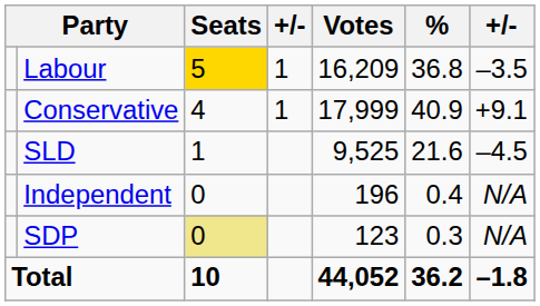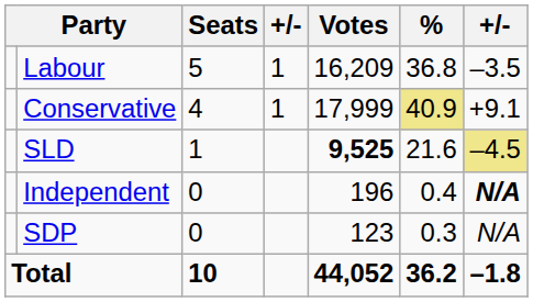 <table class="wikitable sortable">
 <tr>
 <th colspan="2">Party</th>
 <th>Seats</th>
 <th>+/-</th>
 <th>Votes</th>
 <th>%</th>
 <th>+/-</th>
 </tr>
 <tr>
 <td style="background-color: "></td>
 <td><a href='#'>Labour</a></td>
-<td style="background: gold;">5</td>
+<td>5</td>
 <td> 1</td>
 <td style="text-align:right;">16,209</td>
 <td style="text-align:right;">36.8</td>
 <td style="text-align:right;">–3.5</td>
 </tr>
 <tr>
 <td style="background-color: "></td>
 <td><a href='#'>Conservative</a></td>
 <td>4</td>
 <td> 1</td>
 <td style="text-align:right;">17,999</td>
-<td style="text-align:right;">40.9</td>
+<td style="background: khaki; text-align:right;">40.9</td>
 <td style="text-align:right;">+9.1</td>
 </tr>
 <tr>
 <td style="background-color: "></td>
 <td><a href='#'>SLD</a></td>
 <td>1</td>
 <td></td>
-<td style="text-align:right;">9,525</td>
+<td style="text-align:right;"><strong>9,525</strong></td>
 <td style="text-align:right;">21.6</td>
-<td style="text-align:right;">–4.5</td>
+<td style="background: khaki; text-align:right;">–4.5</td>
 </tr>
 <tr>
 <td style="background-color: "></td>
 <td><a href='#'>Independent</a></td>
 <td>0</td>
 <td></td>
 <td style="text-align:right;">196</td>
 <td style="text-align:right;">0.4</td>
-<td style="text-align:right;"><em>N/A</em></td>
+<td style="text-align:right;"><strong><em>N/A</em></strong></td>
 </tr>
 <tr>
 <td style="background-color: "></td>
 <td><a href='#'>SDP</a></td>
-<td style="background: khaki;">0</td>
+<td>0</td>
 <td></td>
 <td style="text-align:right;">123</td>
 <td style="text-align:right;">0.3</td>
 <td style="text-align:right;"><em>N/A</em></td>
 </tr>
 <tr>
 <td colspan="2"><strong>Total</strong></td>
 <td><strong>10</strong></td>
 <td></td>
 <td style="text-align:right;"><strong>44,052</strong></td>
 <td style="text-align:right;"><strong>36.2</strong></td>
 <td style="text-align:right;"><strong>–1.8</strong></td>
 </tr>
 </table>
